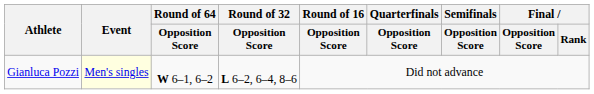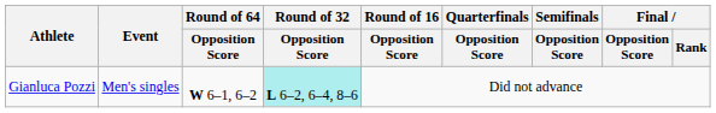 <table class=wikitable style="font-size:90%">
 <tr>
 <th rowspan="2">Athlete</th>
 <th rowspan="2">Event</th>
 <th>Round of 64</th>
 <th>Round of 32</th>
 <th>Round of 16</th>
 <th>Quarterfinals</th>
 <th>Semifinals</th>
 <th colspan=2>Final / </th>
 </tr>
 <tr style="font-size:95%">
 <th>Opposition<br>Score</th>
 <th>Opposition<br>Score</th>
 <th>Opposition<br>Score</th>
 <th>Opposition<br>Score</th>
 <th>Opposition<br>Score</th>
 <th>Opposition<br>Score</th>
 <th>Rank</th>
 </tr>
 <tr>
 <td align=left><a href='#'>Gianluca Pozzi</a></td>
-<td align=left style="background: lightyellow;"><a href='#'>Men's singles</a></td>
+<td align=left><a href='#'>Men's singles</a></td>
 <td align=center><br><strong>W</strong> 6–1, 6–2</td>
-<td align=center><br><strong>L</strong> 6–2, 6–4, 8–6</td>
+<td align=center style="background: paleturquoise;"><br><strong>L</strong> 6–2, 6–4, 8–6</td>
 <td align=center colspan=5>Did not advance</td>
 </tr>
 </table>
